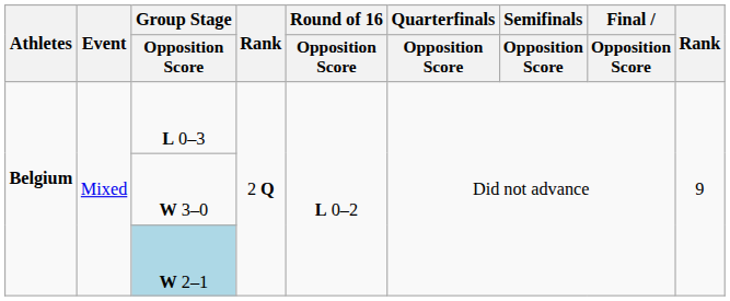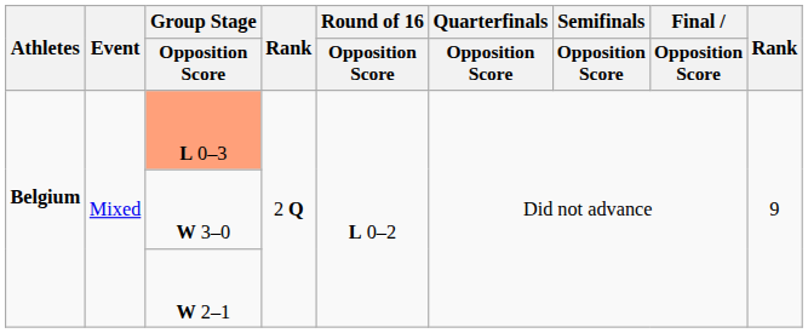 <table class=wikitable style="font-size:90%">
 <tr>
 <th rowspan="2">Athletes</th>
 <th rowspan="2">Event</th>
 <th>Group Stage</th>
 <th rowspan="2">Rank</th>
 <th>Round of 16</th>
 <th>Quarterfinals</th>
 <th>Semifinals</th>
 <th>Final / </th>
 <th rowspan=2>Rank</th>
 </tr>
 <tr style="font-size:95%">
 <th>Opposition<br>Score</th>
 <th>Opposition<br>Score</th>
 <th>Opposition<br>Score</th>
 <th>Opposition<br>Score</th>
 <th>Opposition<br>Score</th>
 </tr>
 <tr align=center>
 <td align=left rowspan=3><strong>Belgium</strong><br><br></td>
 <td align=left rowspan=3><a href='#'>Mixed</a></td>
-<td><br><br><strong>L</strong> 0–3</td>
+<td style="background: lightsalmon;"><br><br><strong>L</strong> 0–3</td>
 <td rowspan=3>2 <strong>Q</strong></td>
 <td rowspan=3><br><br><strong>L</strong> 0–2</td>
 <td rowspan=3 colspan=3>Did not advance</td>
 <td rowspan=3>9</td>
 </tr>
 <tr align=center>
 <td><br><br><strong>W</strong> 3–0</td>
 </tr>
 <tr align=center>
-<td style="background: lightblue;"><br><br><strong>W</strong> 2–1</td>
+<td><br><br><strong>W</strong> 2–1</td>
 </tr>
 </table>
